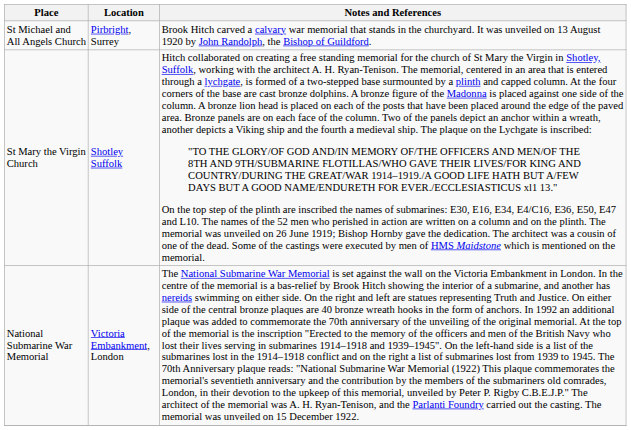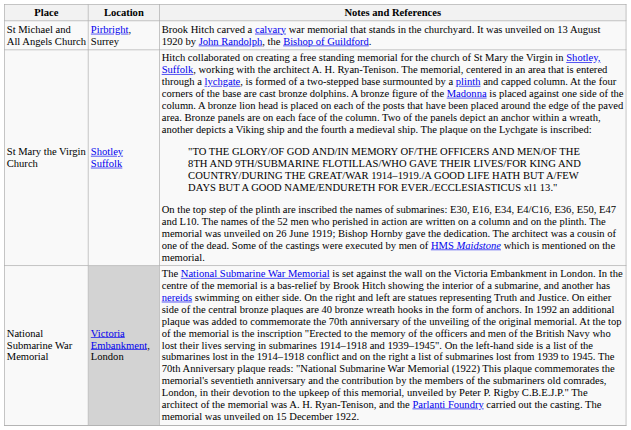 <table class="wikitable sortable">
 <tr>
 <th style="width:120px">Place</th>
 <th style="width:100px">Location</th>
 <th style="width:700px" class="unsortable">Notes and References</th>
 </tr>
 <tr>
 <td>St Michael and All Angels Church</td>
 <td><a href='#'>Pirbright</a>, Surrey</td>
 <td>Brook Hitch carved a <a href='#'>calvary</a> war memorial that stands in the churchyard. It was unveiled on 13 August 1920 by <a href='#'>John Randolph</a>, the <a href='#'>Bishop of Guildford</a>.</td>
 </tr>
 <tr>
 <td>St Mary the Virgin Church</td>
 <td><a href='#'>Shotley</a> <a href='#'>Suffolk</a></td>
 <td>Hitch collaborated on creating a free standing memorial for the church of St Mary the Virgin in <a href='#'>Shotley, Suffolk</a>, working with the architect A. H. Ryan-Tenison. The memorial, centered in an area that is entered through a <a href='#'>lychgate</a>, is formed of a two-stepped base surmounted by a <a href='#'>plinth</a> and capped column. At the four corners of the base are cast bronze dolphins. A bronze figure of the <a href='#'>Madonna</a> is placed against one side of the column. A bronze lion head is placed on each of the posts that have been placed around the edge of the paved area. Bronze panels are on each face of the column. Two of the panels depict an anchor within a wreath, another depicts a Viking ship and the fourth a medieval ship. The plaque on the Lychgate is inscribed:<br><blockquote>"TO THE GLORY/OF GOD AND/IN MEMORY OF/THE OFFICERS AND MEN/OF THE 8TH AND 9TH/SUBMARINE FLOTILLAS/WHO GAVE THEIR LIVES/FOR KING AND COUNTRY/DURING THE GREAT/WAR 1914–1919./A GOOD LIFE HATH BUT A/FEW DAYS BUT A GOOD NAME/ENDURETH FOR EVER./ECCLESIASTICUS xl1 13."</blockquote>On the top step of the plinth are inscribed the names of submarines: E30, E16, E34, E4/C16, E36, E50, E47 and L10. The names of the 52 men who perished in action are written on a column and on the plinth. The memorial was unveiled on 26 June 1919; Bishop Hornby gave the dedication. The architect was a cousin of one of the dead. Some of the castings were executed by men of <a href='#'>HMS <em>Maidstone</em></a> which is mentioned on the memorial.</td>
 </tr>
 <tr>
 <td>National Submarine War Memorial</td>
-<td><a href='#'>Victoria Embankment</a>, London</td>
+<td style="background: lightgrey;"><a href='#'>Victoria Embankment</a>, London</td>
 <td>The <a href='#'>National Submarine War Memorial</a> is set against the wall on the Victoria Embankment in London. In the centre of the memorial is a bas-relief by Brook Hitch showing the interior of a submarine, and another has <a href='#'>nereids</a> swimming on either side. On the right and left are statues representing Truth and Justice. On either side of the central bronze plaques are 40 bronze wreath hooks in the form of anchors. In 1992 an additional plaque was added to commemorate the 70th anniversary of the unveiling of the original memorial. At the top of the memorial is the inscription "Erected to the memory of the officers and men of the British Navy who lost their lives serving in submarines 1914–1918 and 1939–1945". On the left-hand side is a list of the submarines lost in the 1914–1918 conflict and on the right a list of submarines lost from 1939 to 1945. The 70th Anniversary plaque reads: "National Submarine War Memorial (1922) This plaque commemorates the memorial's seventieth anniversary and the contribution by the members of the submariners old comrades, London, in their devotion to the upkeep of this memorial, unveiled by Peter P. Rigby C.B.E.J.P." The architect of the memorial was A. H. Ryan-Tenison, and the <a href='#'>Parlanti Foundry</a> carried out the casting. The memorial was unveiled on 15 December 1922.</td>
 </tr>
 <tr>
 </tr>
 </table>
